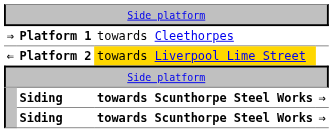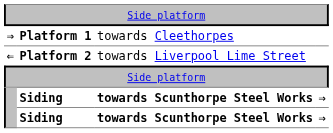 <table table border=0 cellspacing=0 cellpadding=3>
 <tr>
 <td style="border-top:solid 1px grey;border-right:solid 2px black;border-left:solid 2px black;border-bottom:solid 2px black;background: silver;text-align:center;" colspan=4><small><a href='#'>Side platform</a></small></td>
 </tr>
 <tr>
 <td style="border-bottom:solid 1px grey;"><span><strong>⇒</strong></span></td>
 <td style="border-bottom:solid 1px grey;"><strong>Platform 1</strong></td>
 <td style="border-bottom:solid 1px grey;"><strong></strong> towards <a href='#'>Cleethorpes</a></td>
 <td style="border-bottom:solid 1px grey;"></td>
 </tr>
 <tr>
 <td style="border-bottom:solid 0px grey;"><span><strong>⇐</strong></span></td>
 <td style="border-bottom:solid 0px grey;"><strong>Platform 2</strong></td>
-<td style="background: gold; border-bottom:solid 0px grey;"><strong></strong> towards <a href='#'>Liverpool Lime Street</a></td>
+<td style="border-bottom:solid 0px grey;"><strong></strong> towards <a href='#'>Liverpool Lime Street</a></td>
 </tr>
 <tr>
 <td style="border-top:solid 2px black;border-right:solid 2px black;border-left:solid 2px black;border-bottom:solid 1px grey;background: silver;text-align:center;" colspan=4><small><a href='#'>Side platform</a></small></td>
 </tr>
 <tr>
 <td style="border-top:solid 0px black;border-right:solid 0px black;border-left:solid 2px black;border-bottom:solid 1px grey;background: silver;" rowspan=2></td>
 <td style="border-bottom:solid 1px grey;"><strong>Siding</strong></td>
 <td style="border-bottom:solid 1px grey;"><strong>towards Scunthorpe Steel Works </strong></td>
 <td style="border-bottom:solid 1px grey;"><span><strong>⇒</strong></span></td>
 </tr>
 <tr>
 <td style="border-bottom:solid 1px grey;"><strong>Siding</strong></td>
 <td style="border-bottom:solid 1px grey;"><strong>towards Scunthorpe Steel Works</strong></td>
 <td style="border-bottom:solid 1px grey;"><span><strong>⇒</strong></span></td>
 </tr>
 </table>
